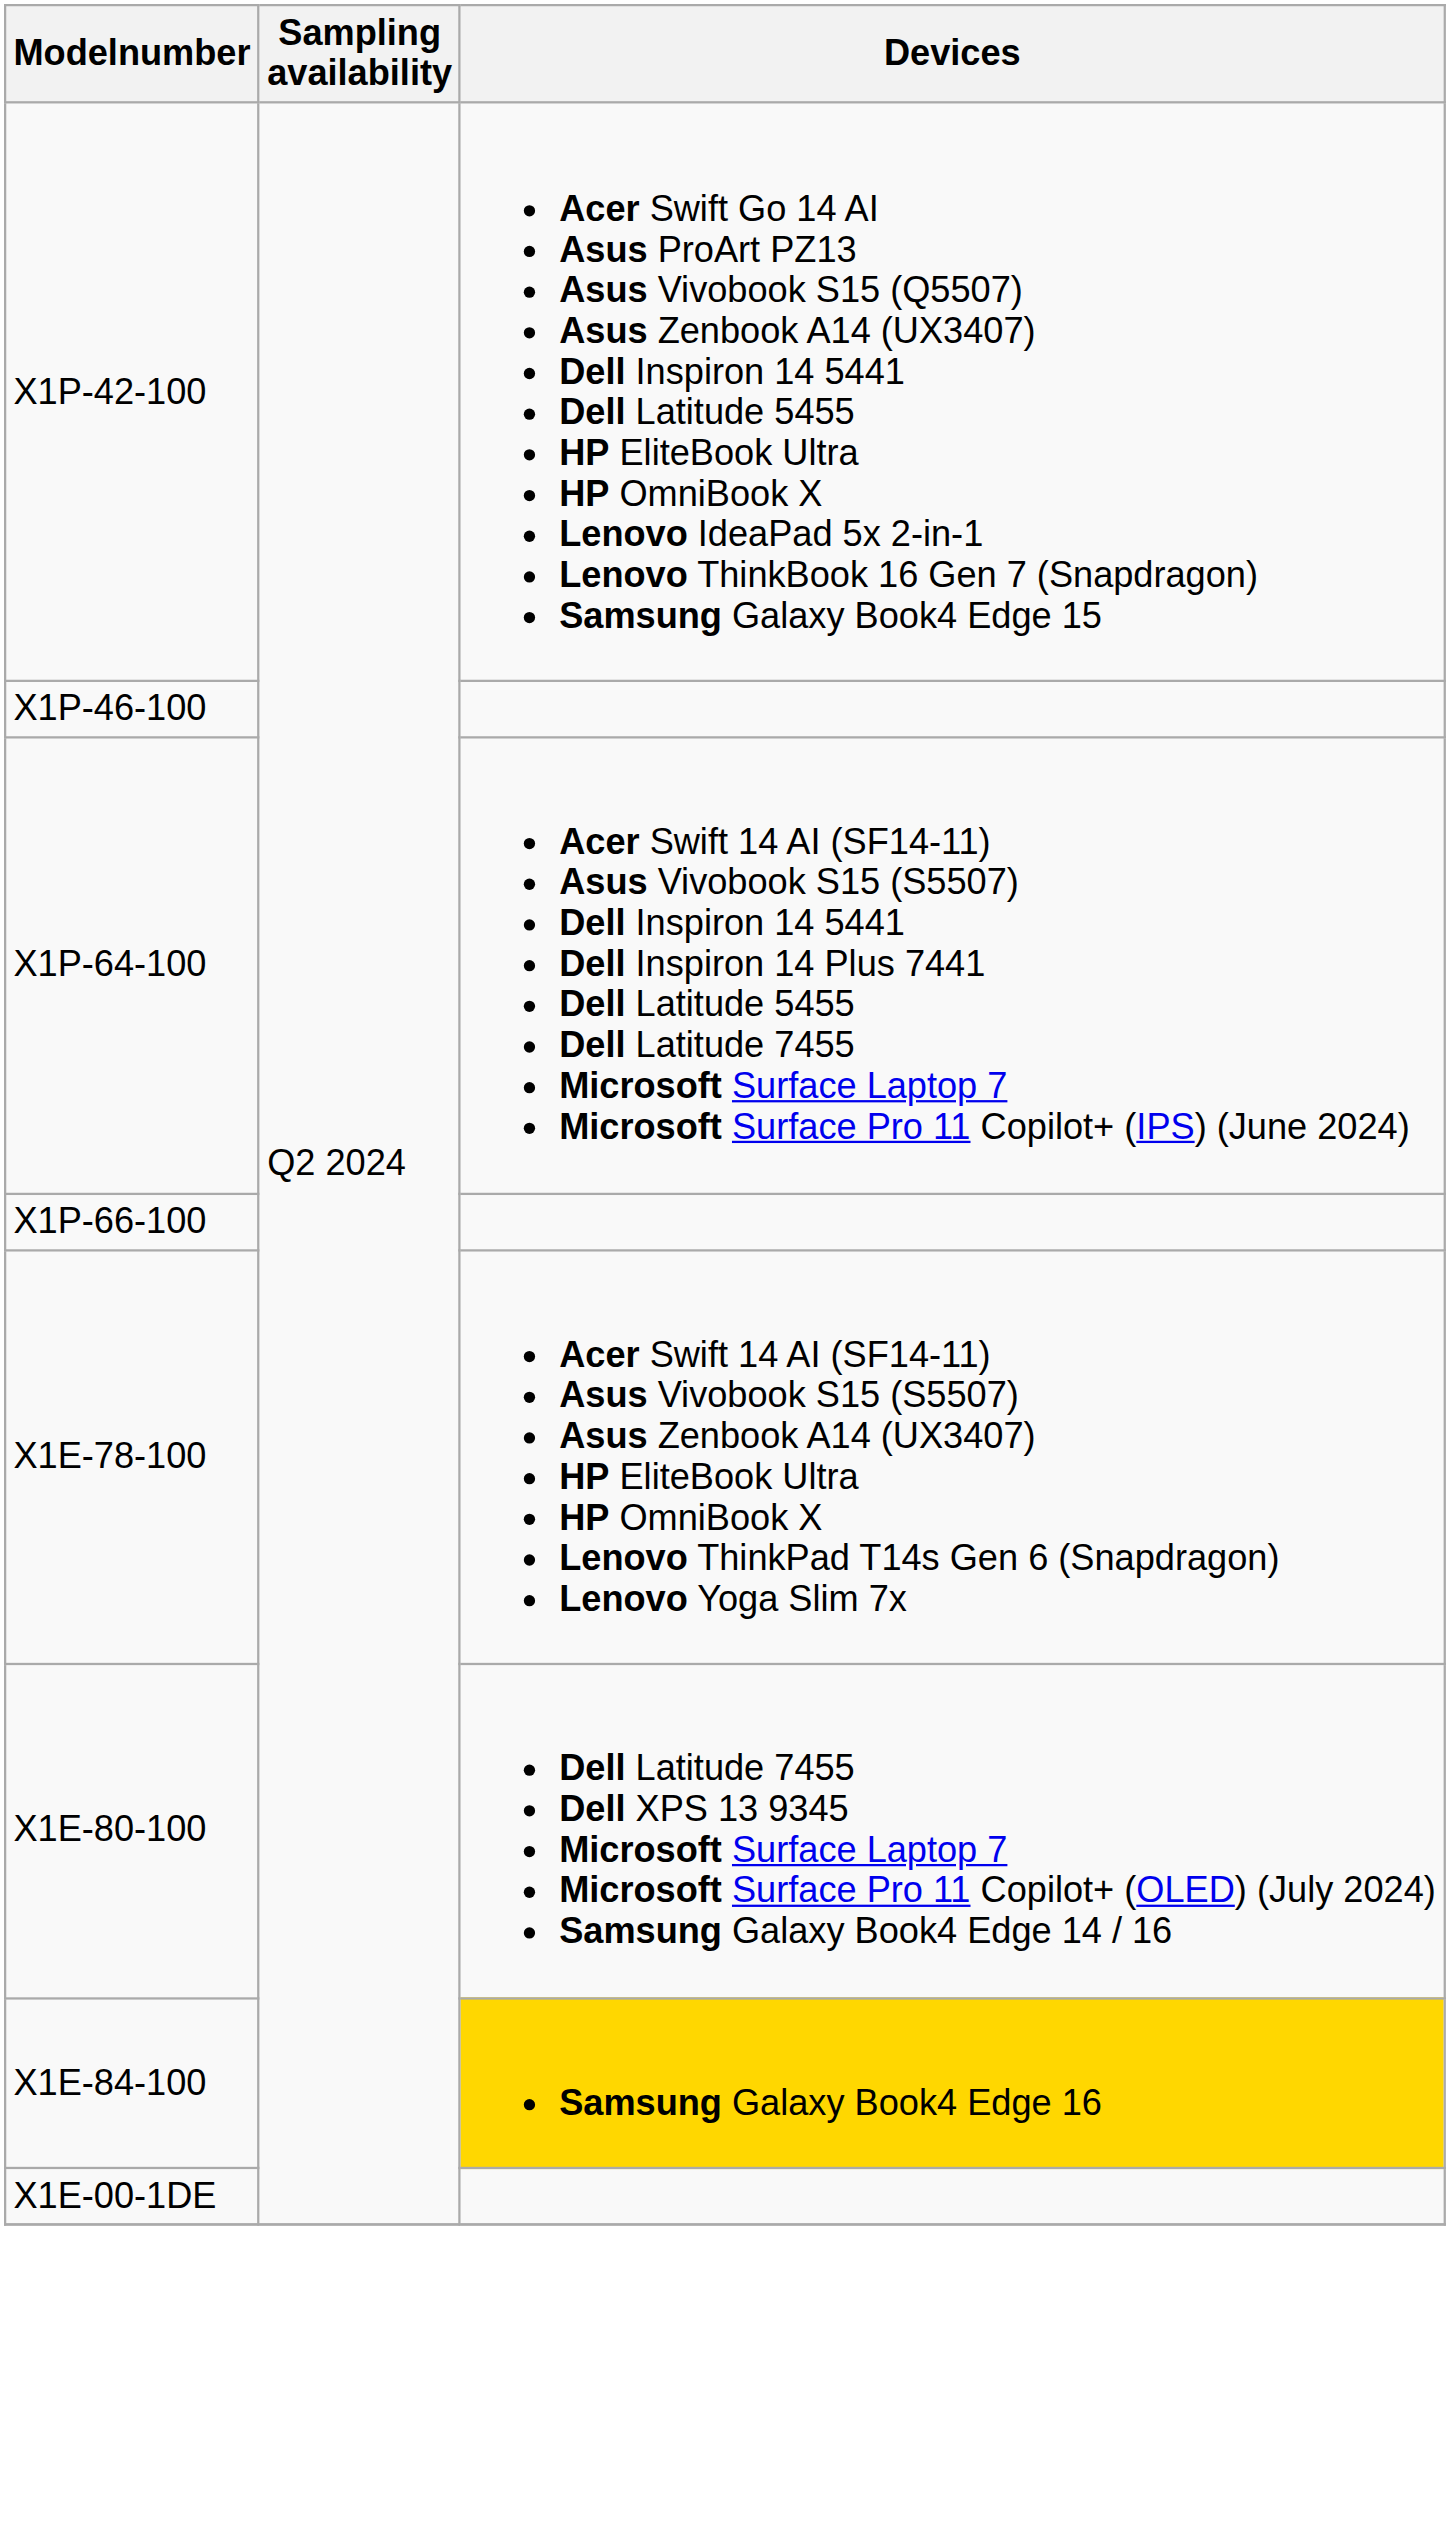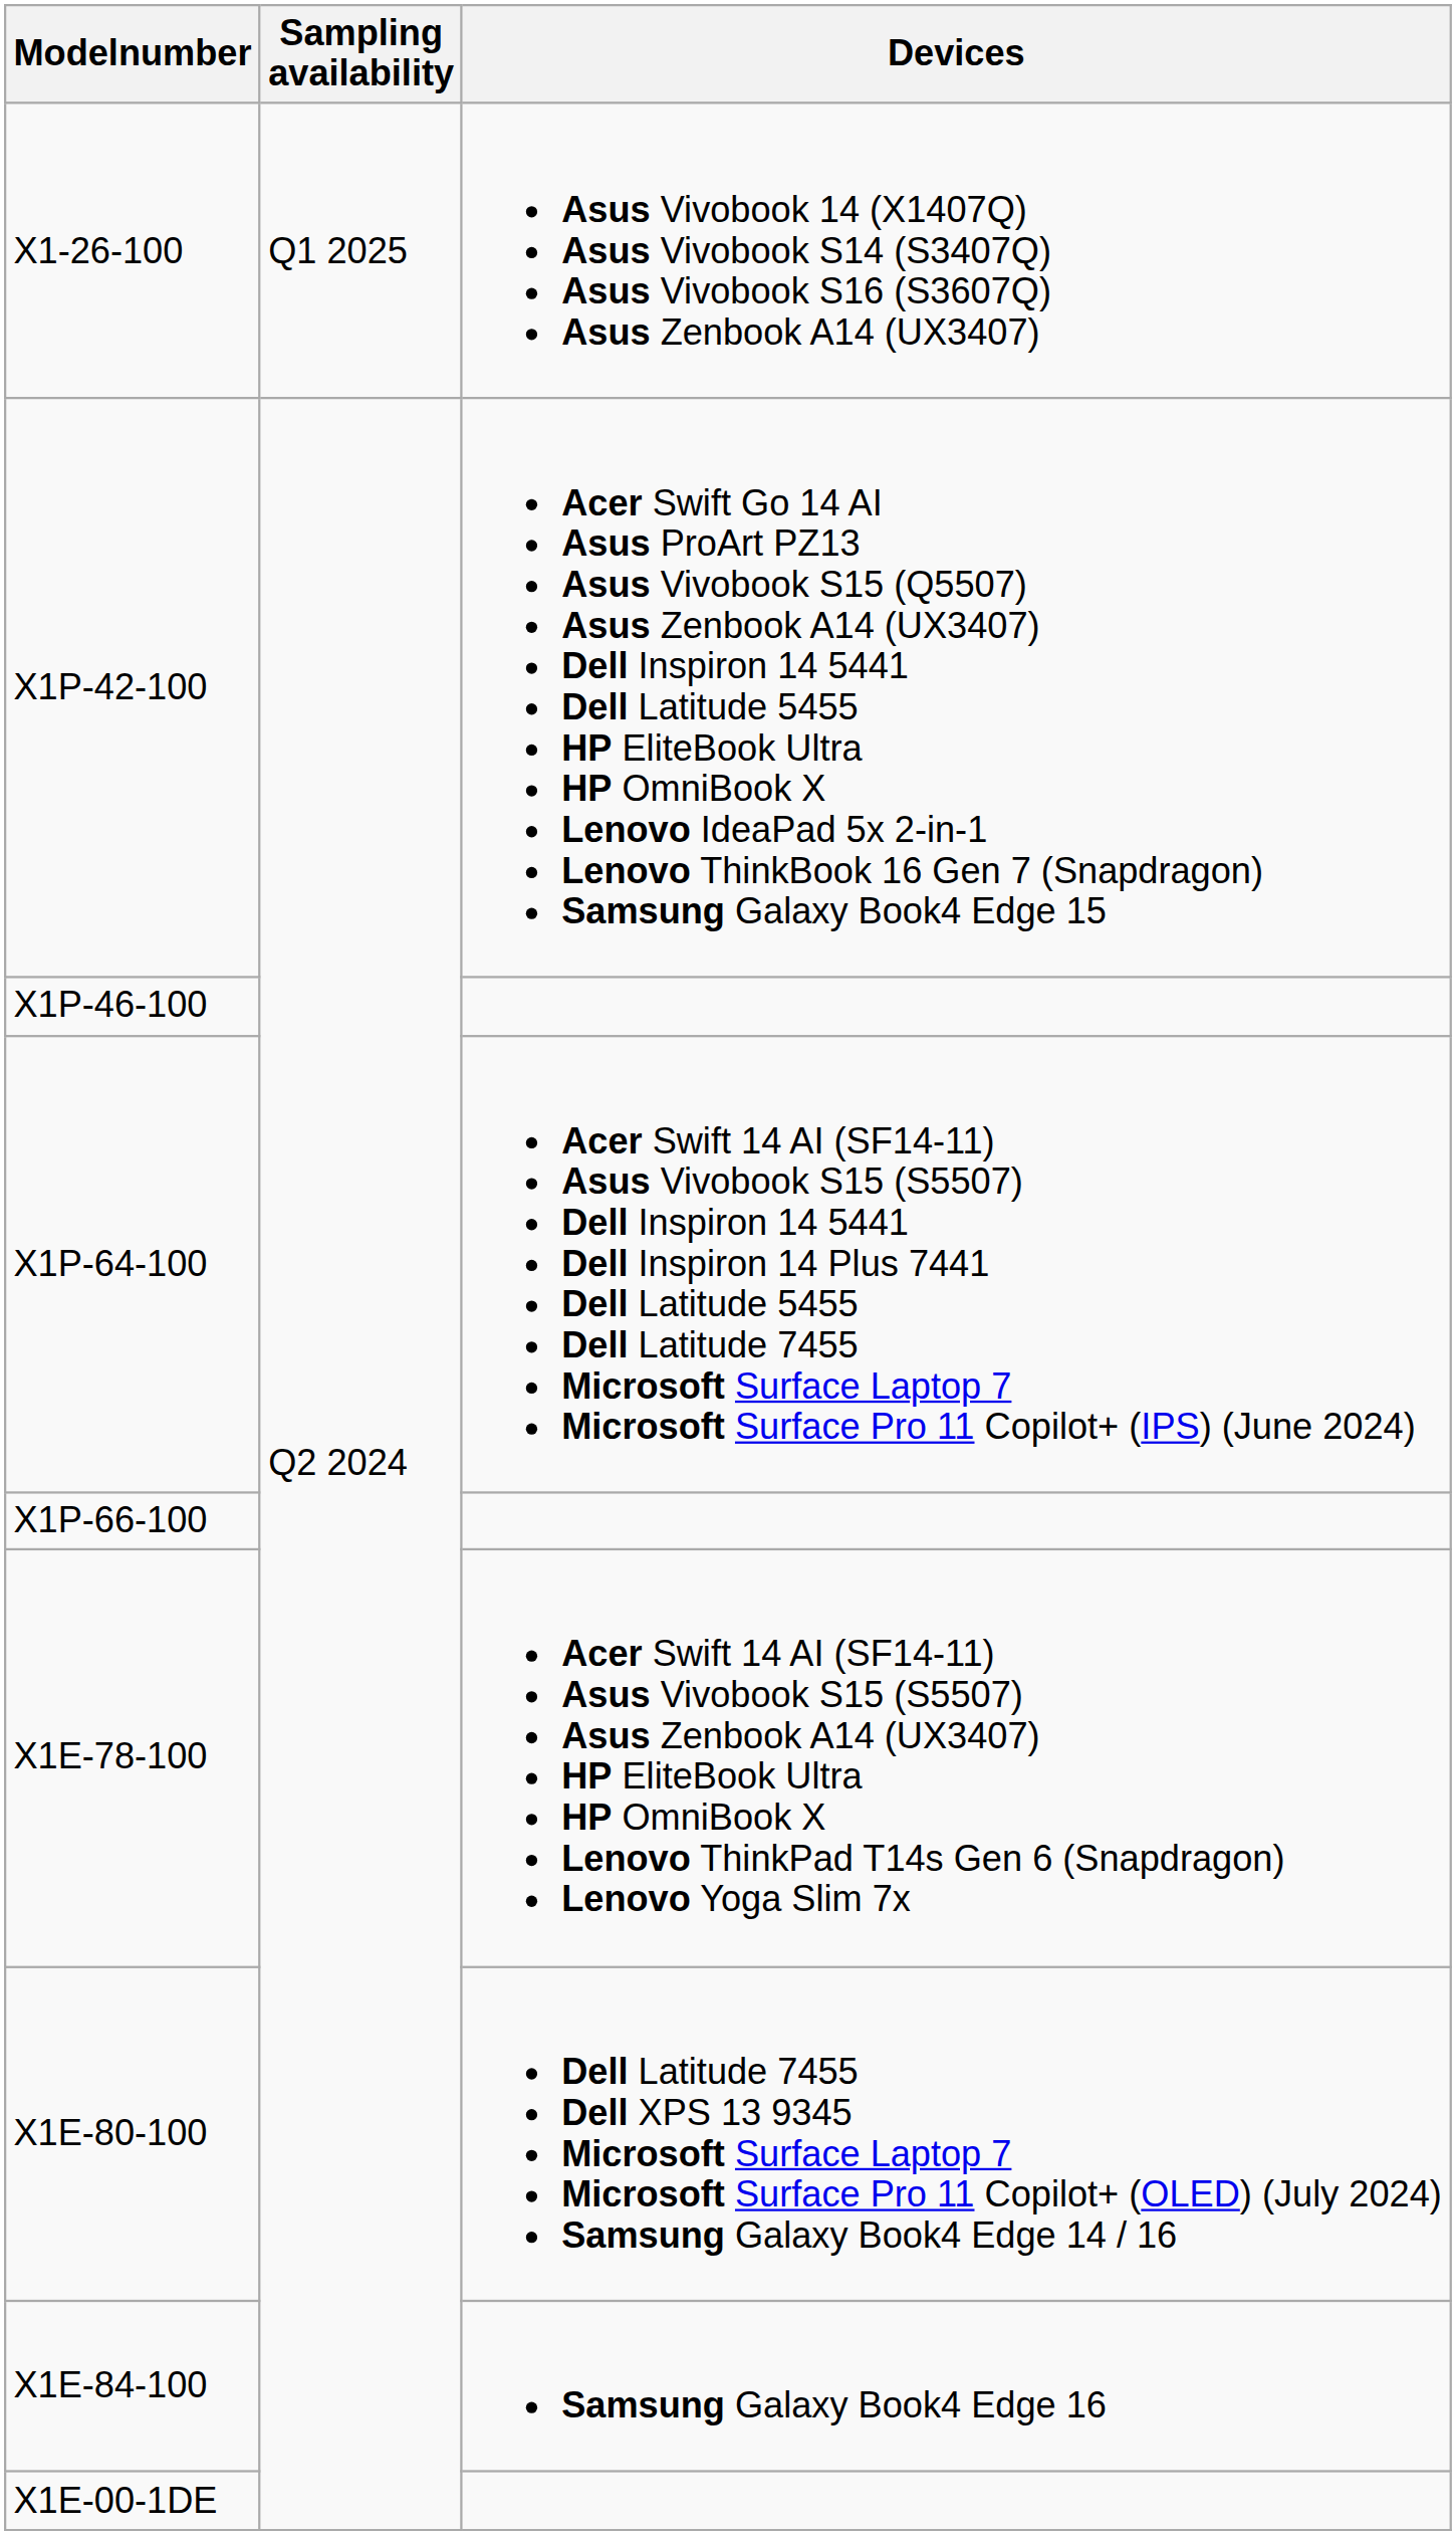 <table class="wikitable">
 <tr>
 <th>Modelnumber</th>
 <th>Sampling<br>availability</th>
 <th>Devices</th>
+</tr>
+<tr>
+<td>X1-26-100</td>
+<td>Q1 2025</td>
+<td><br><ul><li><strong>Asus</strong> Vivobook 14 (X1407Q)</li><li><strong>Asus</strong> Vivobook S14 (S3407Q)</li><li><strong>Asus</strong> Vivobook S16 (S3607Q)</li><li><strong>Asus</strong> Zenbook A14 (UX3407)</li></ul></td>
 </tr>
 <tr>
 <td>X1P-42-100</td>
 <td rowspan="8">Q2 2024</td>
 <td><br><ul><li><strong>Acer</strong> Swift Go 14 AI</li><li><strong>Asus</strong> ProArt PZ13</li><li><strong>Asus</strong> Vivobook S15 (Q5507)</li><li><strong>Asus</strong> Zenbook A14 (UX3407)</li><li><strong>Dell</strong> Inspiron 14 5441</li><li><strong>Dell</strong> Latitude 5455</li><li><strong>HP</strong> EliteBook Ultra</li><li><strong>HP</strong> OmniBook X</li><li><strong>Lenovo</strong> IdeaPad 5x 2-in-1</li><li><strong>Lenovo</strong> ThinkBook 16 Gen 7 (Snapdragon)</li><li><strong>Samsung</strong> Galaxy Book4 Edge 15</li></ul></td>
 </tr>
 <tr>
 <td>X1P-46-100</td>
 <td></td>
 </tr>
 <tr>
 <td>X1P-64-100</td>
 <td><br><ul><li><strong>Acer</strong> Swift 14 AI (SF14-11)</li><li><strong>Asus</strong> Vivobook S15 (S5507)</li><li><strong>Dell</strong> Inspiron 14 5441</li><li><strong>Dell</strong> Inspiron 14 Plus 7441</li><li><strong>Dell</strong> Latitude 5455</li><li><strong>Dell</strong> Latitude 7455</li><li><strong>Microsoft</strong> <a href='#'>Surface Laptop 7</a></li><li><strong>Microsoft</strong> <a href='#'>Surface Pro 11</a> Copilot+ (<a href='#'>IPS</a>) (June 2024)</li></ul></td>
 </tr>
 <tr>
 <td>X1P-66-100</td>
 <td></td>
 </tr>
 <tr>
 <td>X1E-78-100</td>
 <td><br><ul><li><strong>Acer</strong> Swift 14 AI (SF14-11)</li><li><strong>Asus</strong> Vivobook S15 (S5507)</li><li><strong>Asus</strong> Zenbook A14 (UX3407)</li><li><strong>HP</strong> EliteBook Ultra</li><li><strong>HP</strong> OmniBook X</li><li><strong>Lenovo</strong> ThinkPad T14s Gen 6 (Snapdragon)</li><li><strong>Lenovo</strong> Yoga Slim 7x</li></ul></td>
 </tr>
 <tr>
 <td>X1E-80-100</td>
 <td><br><ul><li><strong>Dell</strong> Latitude 7455</li><li><strong>Dell</strong> XPS 13 9345</li><li><strong>Microsoft</strong> <a href='#'>Surface Laptop 7</a></li><li><strong>Microsoft</strong> <a href='#'>Surface Pro 11</a> Copilot+ (<a href='#'>OLED</a>) (July 2024)</li><li><strong>Samsung</strong> Galaxy Book4 Edge 14 / 16</li></ul></td>
 </tr>
 <tr>
 <td>X1E-84-100</td>
-<td style="background: gold;"><br><ul><li><strong>Samsung</strong> Galaxy Book4 Edge 16</li></ul></td>
+<td><br><ul><li><strong>Samsung</strong> Galaxy Book4 Edge 16</li></ul></td>
 </tr>
 <tr>
 <td>X1E-00-1DE</td>
 <td></td>
 </tr>
 <tr>
 </tr>
 </table>
